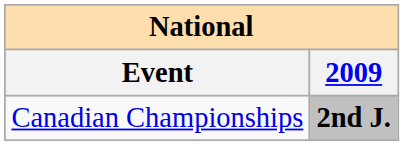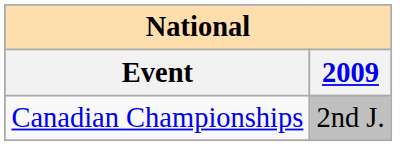 <table class="wikitable" style="text-align:center">
 <tr>
 <th colspan="2" style="background-color: #ffdead; " align="center"><strong>National</strong></th>
 </tr>
 <tr>
 <th>Event</th>
 <th><a href='#'>2009</a></th>
 </tr>
 <tr>
 <td align=left><a href='#'>Canadian Championships</a></td>
-<td bgcolor="silver"><strong>2nd J.</strong></td>
+<td bgcolor="silver">2nd J.</td>
 </tr>
 </table>
